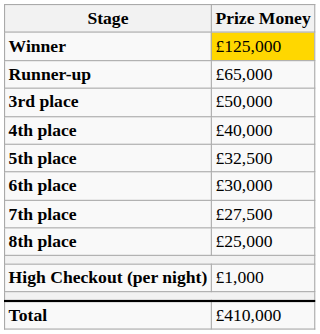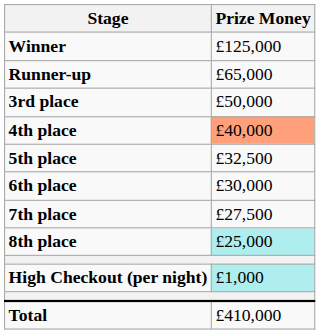 <table class="wikitable">
 <tr>
 <th>Stage</th>
 <th>Prize Money</th>
 </tr>
 <tr>
 <td><strong>Winner</strong></td>
-<td style="background: gold;">£125,000</td>
+<td>£125,000</td>
 </tr>
 <tr>
 <td><strong>Runner-up</strong></td>
 <td>£65,000</td>
 </tr>
 <tr>
 <td><strong>3rd place</strong></td>
 <td>£50,000</td>
 </tr>
 <tr>
 <td><strong>4th place</strong></td>
-<td>£40,000</td>
+<td style="background: lightsalmon;">£40,000</td>
 </tr>
 <tr>
 <td><strong>5th place</strong></td>
 <td>£32,500</td>
 </tr>
 <tr>
 <td><strong>6th place</strong></td>
 <td>£30,000</td>
 </tr>
 <tr>
 <td><strong>7th place</strong></td>
 <td>£27,500</td>
 </tr>
 <tr>
 <td><strong>8th place</strong></td>
-<td>£25,000</td>
+<td style="background: paleturquoise;">£25,000</td>
 </tr>
 <tr>
 <th colspan=3></th>
 </tr>
 <tr>
 <td><strong>High Checkout (per night)</strong></td>
-<td>£1,000</td>
+<td style="background: paleturquoise;">£1,000</td>
 </tr>
 <tr>
 <th colspan=3></th>
 </tr>
 <tr style="border-top:2px solid black;">
 <td><strong>Total</strong></td>
 <td>£410,000</td>
 </tr>
 </table>
